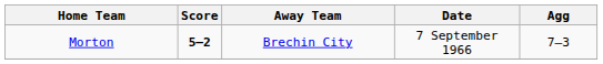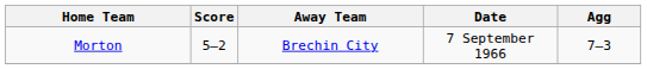 <table class="wikitable" style="text-align:center;">
 <tr>
 <th width=175>Home Team</th>
 <th width=20>Score</th>
 <th width=175>Away Team</th>
 <th width= 125>Date</th>
 <th width= 75>Agg</th>
 </tr>
 <tr>
 <td><a href='#'>Morton</a></td>
-<td><strong>5–2</strong></td>
+<td>5–2</td>
 <td><a href='#'>Brechin City</a></td>
 <td>7 September 1966</td>
 <td>7–3</td>
 </tr>
 <tr>
 </tr>
 </table>
